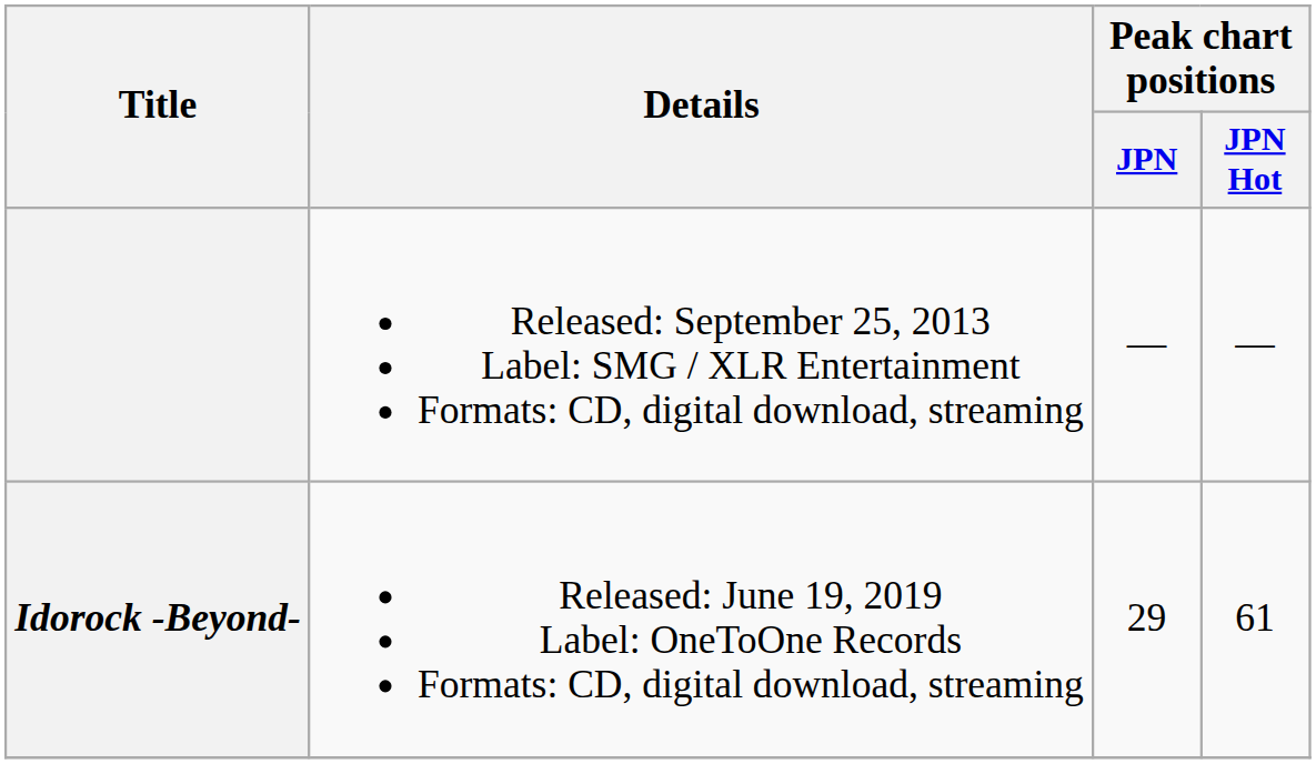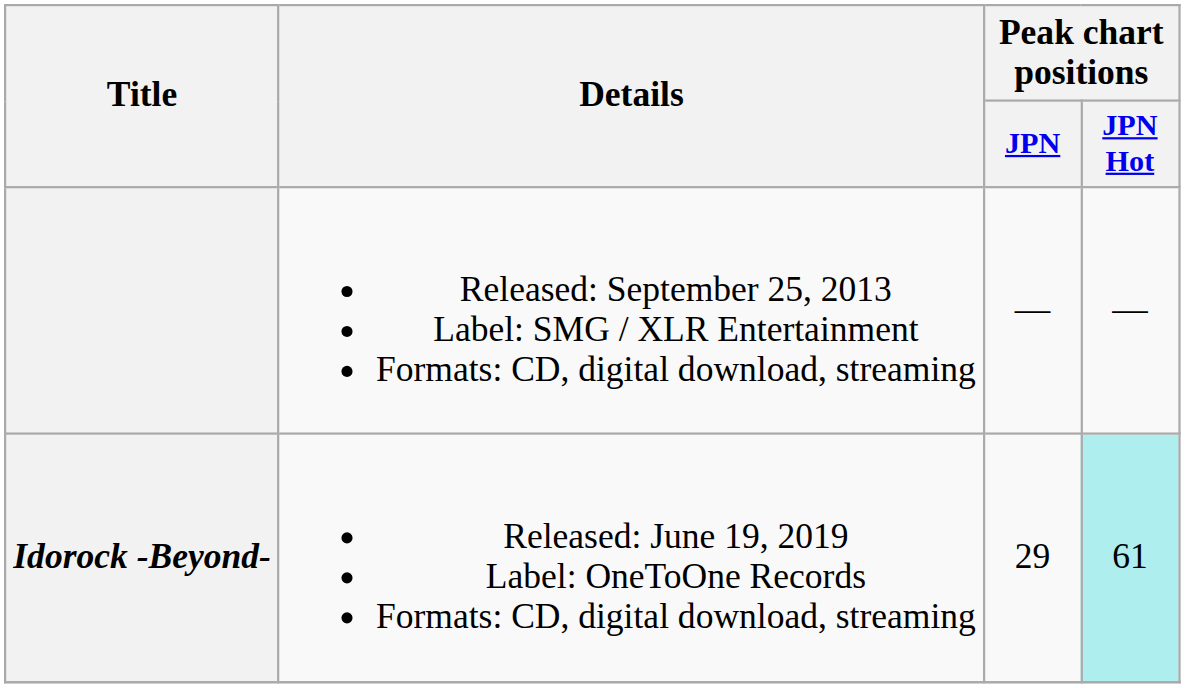 <table class="wikitable plainrowheaders" style="text-align:center;">
 <tr>
 <th scope="col" rowspan="2">Title</th>
 <th scope="col" rowspan="2">Details</th>
 <th scope="col" colspan="2">Peak chart positions</th>
 </tr>
 <tr>
 <th scope="col" style="width:2.75em;font-size:85%;"><a href='#'>JPN</a><br></th>
 <th scope="col" style="width:2.75em;font-size:85%;"><a href='#'>JPN<br>Hot</a><br></th>
 </tr>
 <tr>
 <th scope="row"></th>
 <td><br><ul><li>Released: September 25, 2013</li><li>Label: SMG / XLR Entertainment</li><li>Formats: CD, digital download, streaming</li></ul></td>
 <td>—</td>
 <td>—</td>
 </tr>
 <tr>
 <th scope="row"><em>Idorock -Beyond-</em></th>
 <td><br><ul><li>Released: June 19, 2019</li><li>Label: OneToOne Records</li><li>Formats: CD, digital download, streaming</li></ul></td>
 <td>29</td>
-<td>61</td>
+<td style="background: paleturquoise;">61</td>
 </tr>
 <tr>
 </tr>
 </table>
